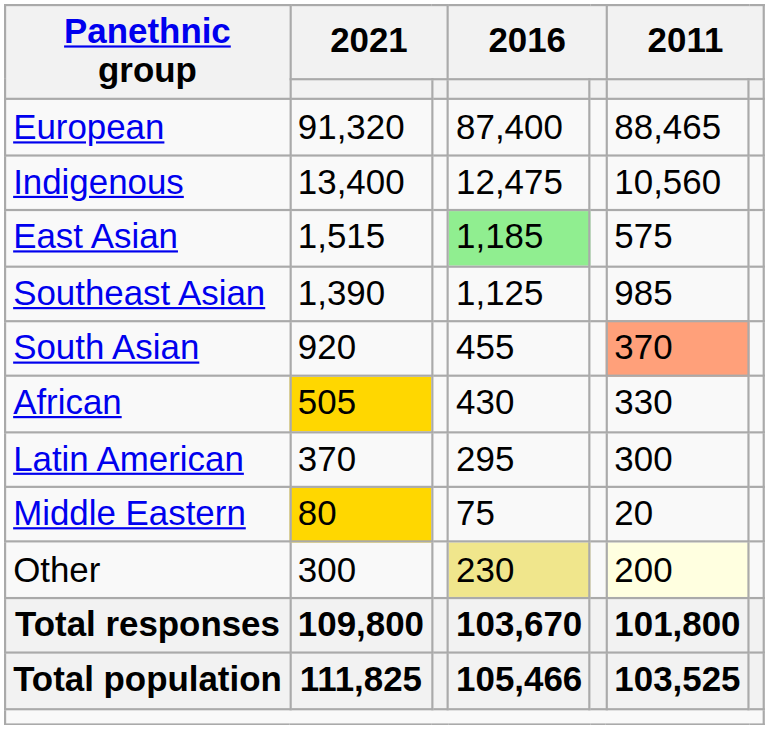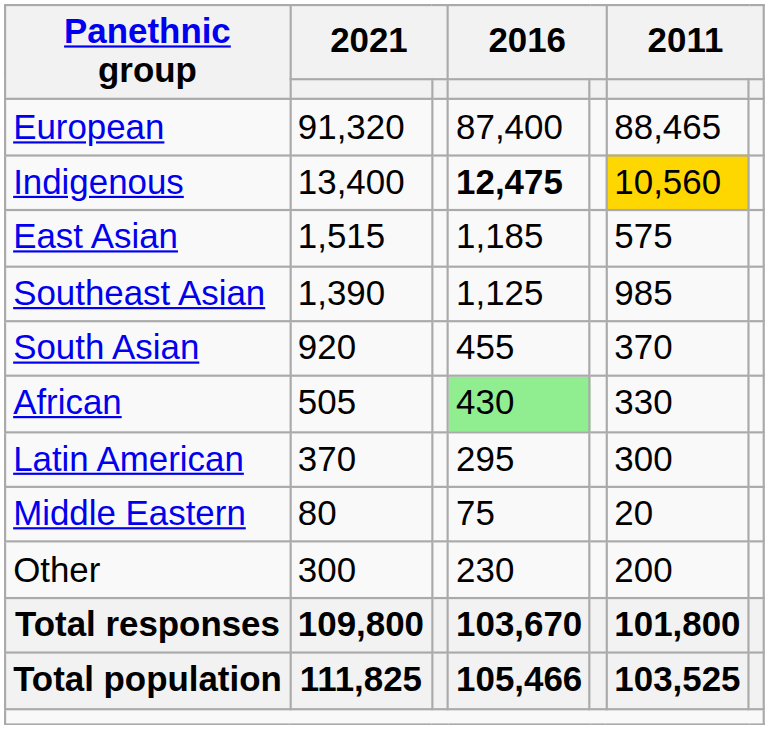 <table class="wikitable collapsible sortable">
 <tr>
 <th rowspan="2"><a href='#'>Panethnic</a><br>group</th>
 <th colspan="2">2021</th>
 <th colspan="2">2016</th>
 <th colspan="2">2011</th>
 </tr>
 <tr>
 <th><a href='#'></a></th>
 <th></th>
 <th></th>
 <th></th>
 <th></th>
 <th></th>
 </tr>
 <tr>
 <td><a href='#'>European</a></td>
 <td>91,320</td>
 <td></td>
 <td>87,400</td>
 <td></td>
 <td>88,465</td>
 <td></td>
 </tr>
 <tr>
 <td><a href='#'>Indigenous</a></td>
 <td>13,400</td>
 <td></td>
-<td>12,475</td>
+<td><strong>12,475</strong></td>
 <td></td>
-<td>10,560</td>
+<td style="background: gold;">10,560</td>
 <td></td>
 </tr>
 <tr>
 <td><a href='#'>East Asian</a></td>
 <td>1,515</td>
 <td></td>
-<td style="background: lightgreen;">1,185</td>
+<td>1,185</td>
 <td></td>
 <td>575</td>
 <td></td>
 </tr>
 <tr>
 <td><a href='#'>Southeast Asian</a></td>
 <td>1,390</td>
 <td></td>
 <td>1,125</td>
 <td></td>
 <td>985</td>
 <td></td>
 </tr>
 <tr>
 <td><a href='#'>South Asian</a></td>
 <td>920</td>
 <td></td>
 <td>455</td>
 <td></td>
-<td style="background: lightsalmon;">370</td>
+<td>370</td>
 <td></td>
 </tr>
 <tr>
 <td><a href='#'>African</a></td>
-<td style="background: gold;">505</td>
+<td>505</td>
 <td></td>
-<td>430</td>
+<td style="background: lightgreen;">430</td>
 <td></td>
 <td>330</td>
 <td></td>
 </tr>
 <tr>
 <td><a href='#'>Latin American</a></td>
 <td>370</td>
 <td></td>
 <td>295</td>
 <td></td>
 <td>300</td>
 <td></td>
 </tr>
 <tr>
 <td><a href='#'>Middle Eastern</a></td>
-<td style="background: gold;">80</td>
+<td>80</td>
 <td></td>
 <td>75</td>
 <td></td>
 <td>20</td>
 <td></td>
 </tr>
 <tr>
 <td>Other</td>
 <td>300</td>
 <td></td>
-<td style="background: khaki;">230</td>
+<td>230</td>
 <td></td>
-<td style="background: lightyellow;">200</td>
+<td>200</td>
 <td></td>
 </tr>
 <tr>
 <th>Total responses</th>
 <th>109,800</th>
 <th></th>
 <th>103,670</th>
 <th></th>
 <th>101,800</th>
 <th></th>
 </tr>
 <tr>
 <th>Total population</th>
 <th>111,825</th>
 <th></th>
 <th>105,466</th>
 <th></th>
 <th>103,525</th>
 <th></th>
 </tr>
 <tr class="sortbottom">
 <td colspan="15"></td>
 </tr>
 </table>
